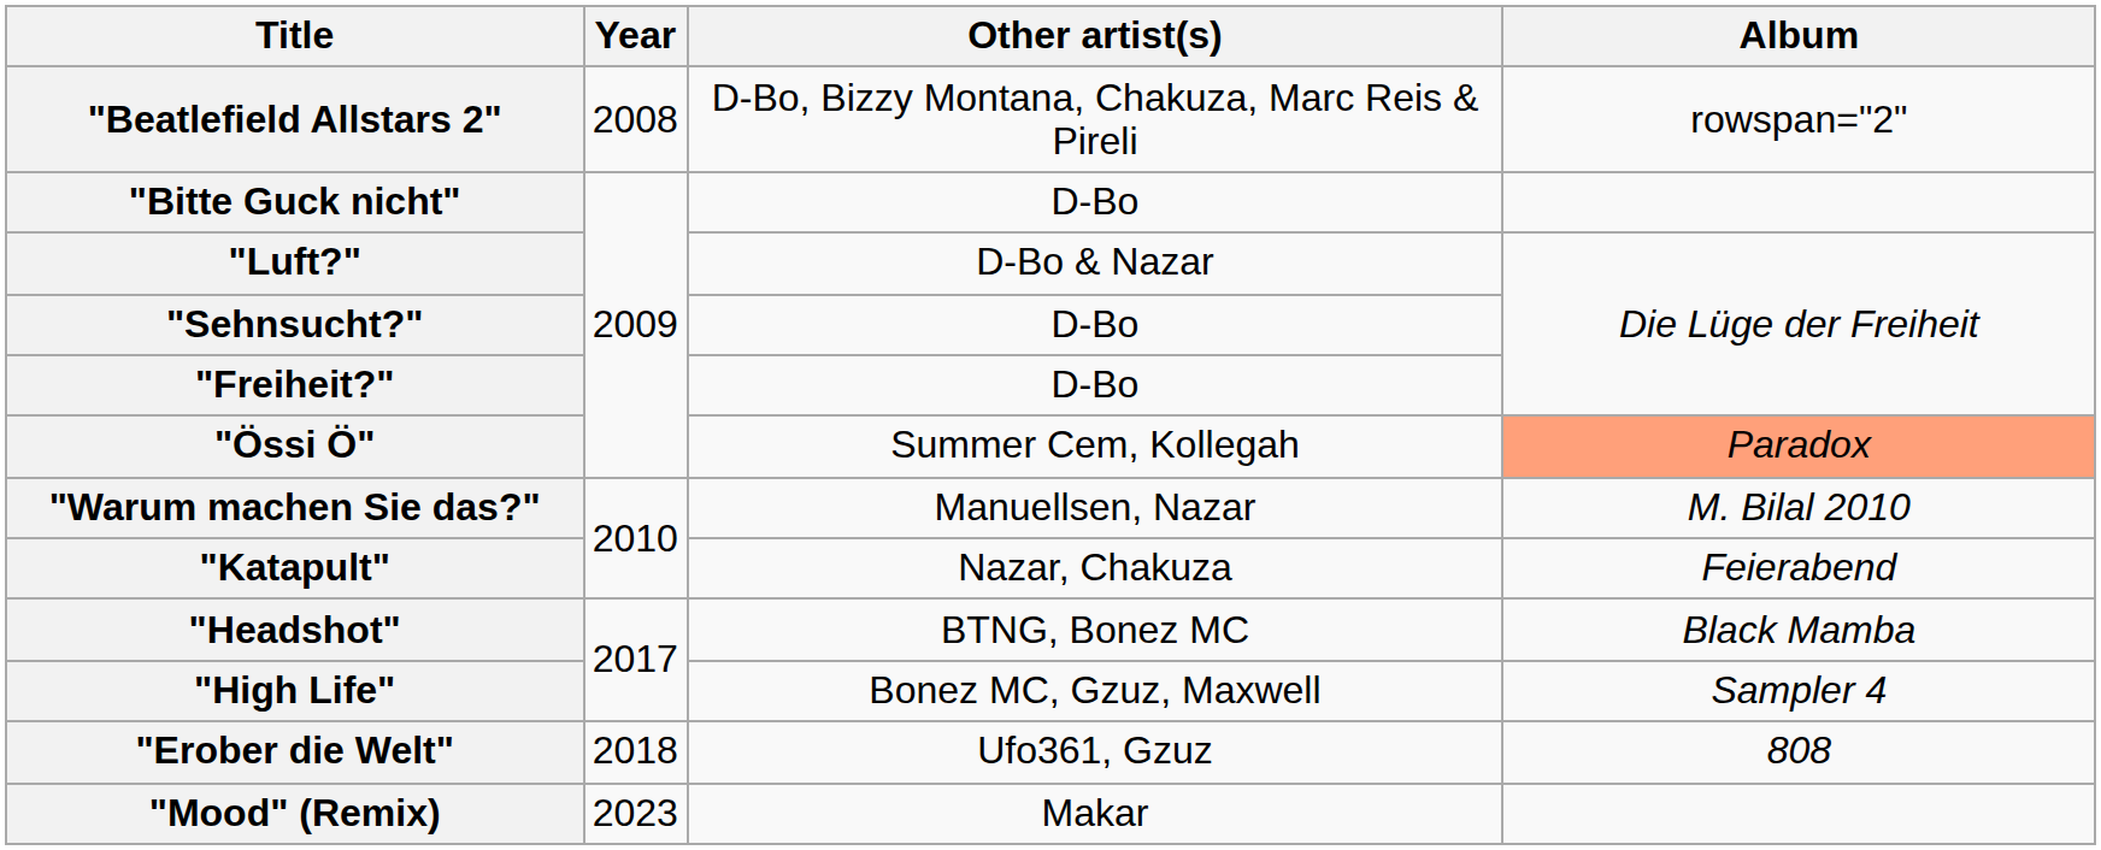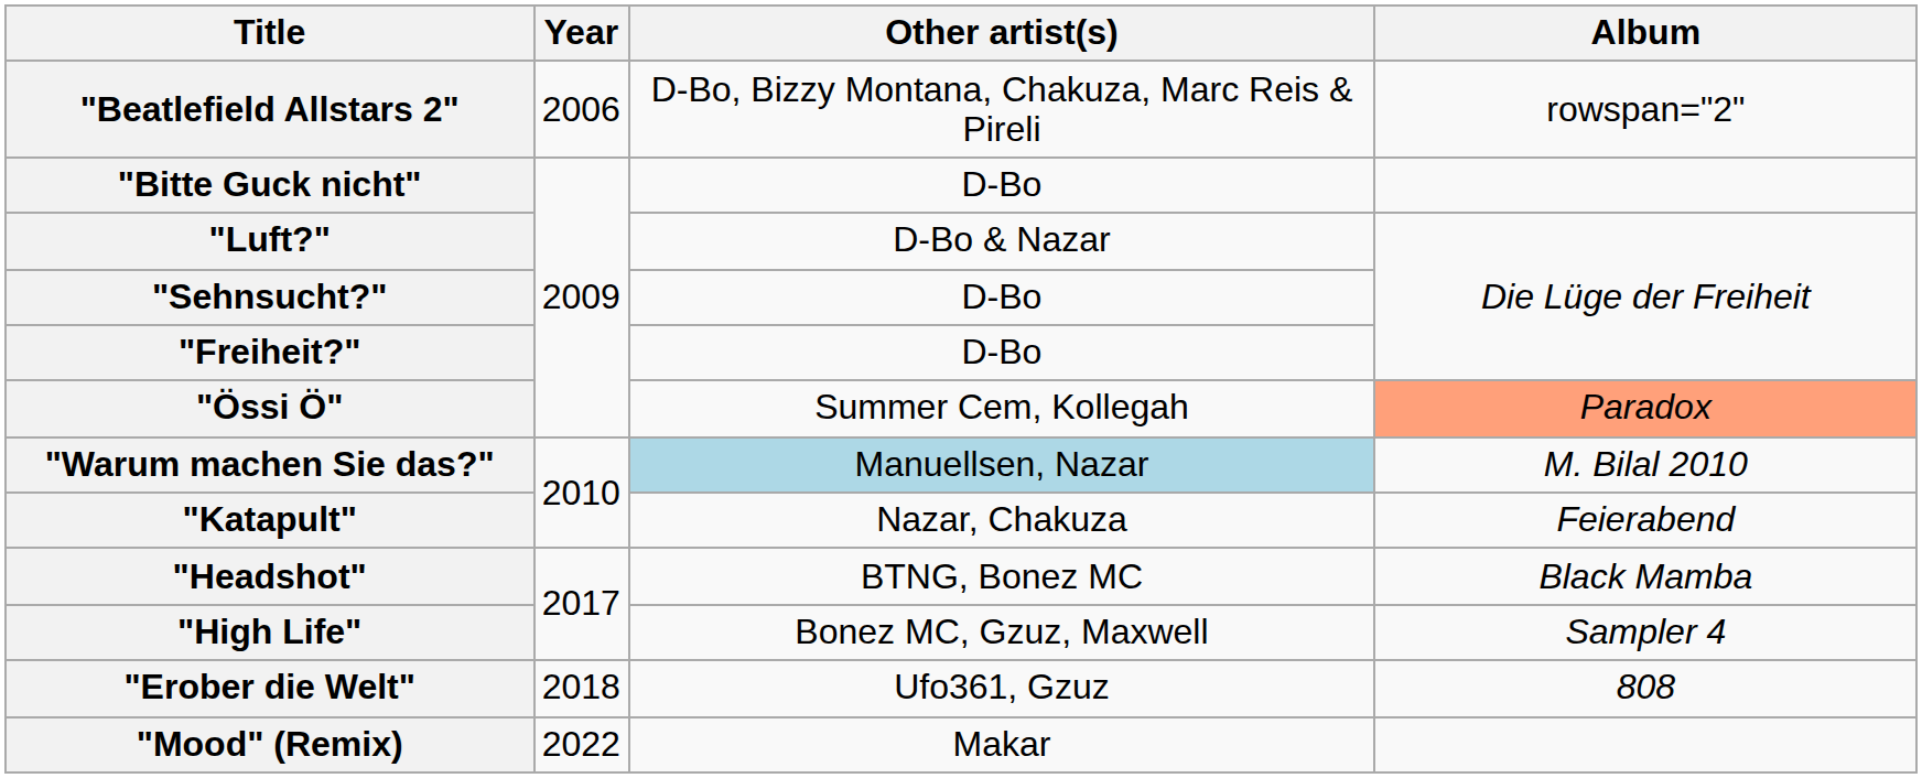 <table class="wikitable plainrowheaders" style="text-align:center;">
 <tr>
 <th scope="col" style="width:18em;">Title</th>
 <th scope="col">Year</th>
 <th scope="col" style="width:27.5em;">Other artist(s)</th>
 <th scope="col" style="width:19em;">Album</th>
 </tr>
 <tr>
 <th scope="row">"Beatlefield Allstars 2"</th>
-<td>2008</td>
+<td>2006</td>
 <td>D-Bo, Bizzy Montana, Chakuza, Marc Reis & Pireli</td>
 <td>rowspan="2" </td>
 </tr>
 <tr>
 <th scope="row">"Bitte Guck nicht"</th>
 <td rowspan="5">2009</td>
 <td>D-Bo</td>
 </tr>
 <tr>
 <th scope="row">"Luft?"</th>
 <td>D-Bo & Nazar</td>
 <td rowspan="3"><em>Die Lüge der Freiheit</em></td>
 </tr>
 <tr>
 <th scope="row">"Sehnsucht?"</th>
 <td>D-Bo</td>
 </tr>
 <tr>
 <th scope="row">"Freiheit?"</th>
 <td>D-Bo</td>
 </tr>
 <tr>
 <th scope="row">"Össi Ö"</th>
 <td>Summer Cem, Kollegah</td>
 <td style="background: lightsalmon;"><em>Paradox</em></td>
 </tr>
 <tr>
 <th scope="row">"Warum machen Sie das?"</th>
 <td rowspan="2">2010</td>
-<td>Manuellsen, Nazar</td>
+<td style="background: lightblue;">Manuellsen, Nazar</td>
 <td><em>M. Bilal 2010</em></td>
 </tr>
 <tr>
 <th scope="row">"Katapult"</th>
 <td>Nazar, Chakuza</td>
 <td><em>Feierabend</em></td>
 </tr>
 <tr>
 <th scope="row">"Headshot"</th>
 <td rowspan="2">2017</td>
 <td>BTNG, Bonez MC</td>
 <td><em>Black Mamba</em></td>
 </tr>
 <tr>
 <th scope="row">"High Life"</th>
 <td>Bonez MC, Gzuz, Maxwell</td>
 <td><em>Sampler 4</em></td>
 </tr>
 <tr>
 <th scope="row">"Erober die Welt"</th>
 <td>2018</td>
 <td>Ufo361, Gzuz</td>
 <td><em>808</em></td>
 </tr>
 <tr>
 <th scope="row">"Mood" (Remix)</th>
-<td>2023</td>
+<td>2022</td>
 <td>Makar</td>
 <td></td>
 </tr>
 </table>
